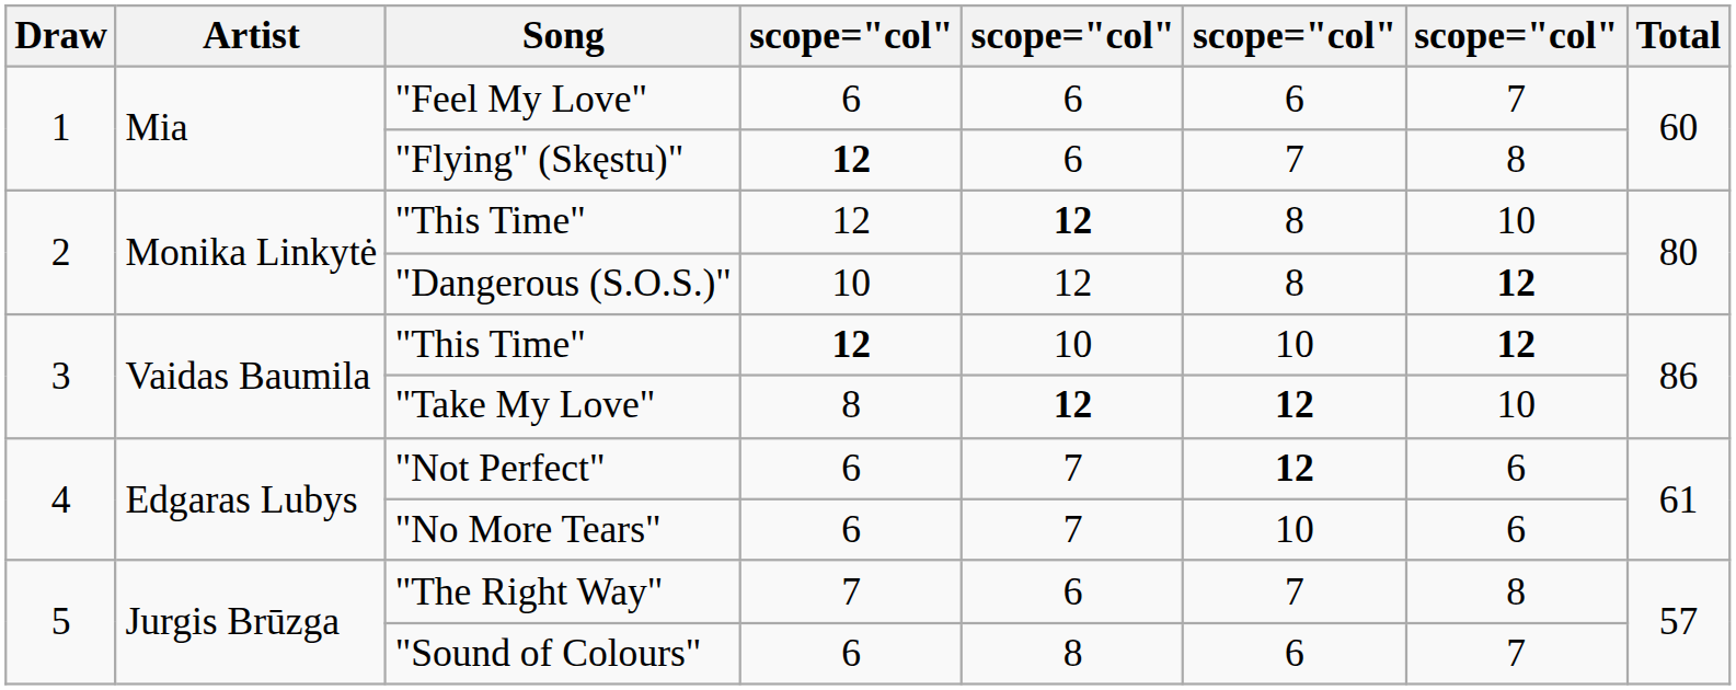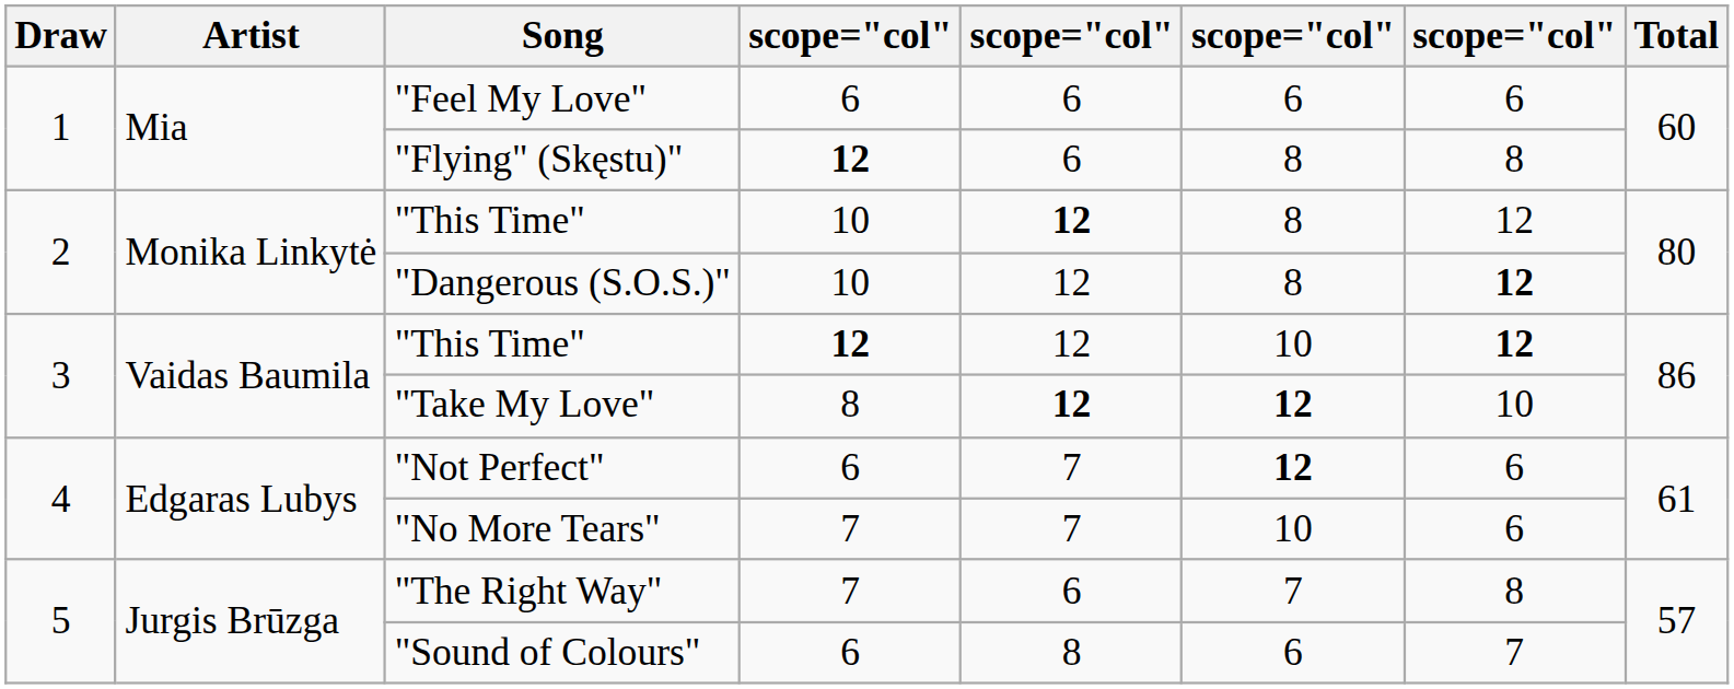 <table class="wikitable collapsible" style="margin: 1em auto 1em auto; text-align:center;">
 <tr>
 <th>Draw</th>
 <th>Artist</th>
 <th>Song</th>
 <th>scope="col" </th>
 <th>scope="col" </th>
 <th>scope="col" </th>
 <th>scope="col" </th>
 <th>Total</th>
 </tr>
 <tr>
 <td rowspan="2">1</td>
 <td rowspan="2" align="left">Mia</td>
 <td align="left">"Feel My Love"</td>
 <td>6</td>
 <td>6</td>
 <td>6</td>
-<td>7</td>
+<td>6</td>
 <td rowspan="2">60</td>
 </tr>
 <tr>
 <td align="left">"Flying" (Skęstu)"</td>
 <td><strong>12</strong></td>
 <td>6</td>
-<td>7</td>
+<td>8</td>
 <td>8</td>
 </tr>
 <tr>
 <td rowspan="2">2</td>
 <td rowspan="2" align="left">Monika Linkytė</td>
 <td align="left">"This Time"</td>
-<td>12</td>
+<td>10</td>
 <td><strong>12</strong></td>
 <td>8</td>
-<td>10</td>
+<td>12</td>
 <td rowspan="2">80</td>
 </tr>
 <tr>
 <td align="left">"Dangerous (S.O.S.)"</td>
 <td>10</td>
 <td>12</td>
 <td>8</td>
 <td><strong>12</strong></td>
 </tr>
 <tr>
 <td rowspan="2">3</td>
 <td rowspan="2" align="left">Vaidas Baumila</td>
 <td align="left">"This Time"</td>
 <td><strong>12</strong></td>
-<td>10</td>
+<td>12</td>
 <td>10</td>
 <td><strong>12</strong></td>
 <td rowspan="2">86</td>
 </tr>
 <tr>
 <td align="left">"Take My Love"</td>
 <td>8</td>
 <td><strong>12</strong></td>
 <td><strong>12</strong></td>
 <td>10</td>
 </tr>
 <tr>
 <td rowspan="2">4</td>
 <td rowspan="2" align="left">Edgaras Lubys</td>
 <td align="left">"Not Perfect"</td>
 <td>6</td>
 <td>7</td>
 <td><strong>12</strong></td>
 <td>6</td>
 <td rowspan="2">61</td>
 </tr>
 <tr>
 <td align="left">"No More Tears"</td>
-<td>6</td>
+<td>7</td>
 <td>7</td>
 <td>10</td>
 <td>6</td>
 </tr>
 <tr>
 <td rowspan="2">5</td>
 <td rowspan="2" align="left">Jurgis Brūzga</td>
 <td align="left">"The Right Way"</td>
 <td>7</td>
 <td>6</td>
 <td>7</td>
 <td>8</td>
 <td rowspan="2">57</td>
 </tr>
 <tr>
 <td align="left">"Sound of Colours"</td>
 <td>6</td>
 <td>8</td>
 <td>6</td>
 <td>7</td>
 </tr>
 </table>
